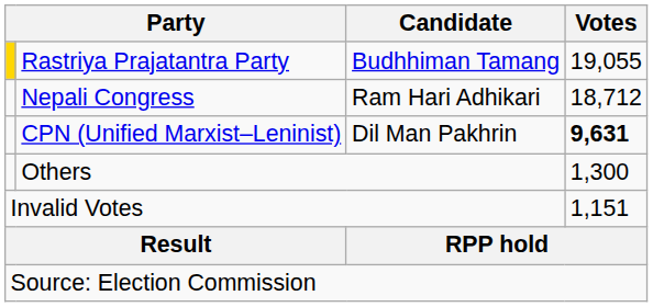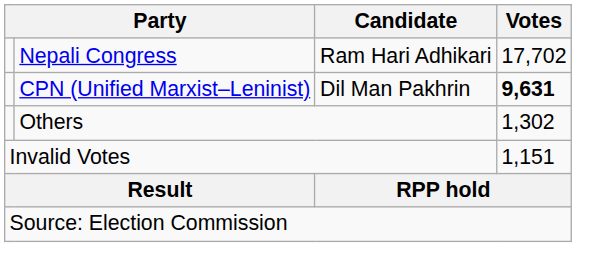 <table class="wikitable">
 <tr>
 <th colspan="2">Party</th>
 <th>Candidate</th>
 <th>Votes</th>
 </tr>
 <tr>
-<td style="background-color:gold"></td>
-<td><a href='#'>Rastriya Prajatantra Party</a></td>
-<td><a href='#'>Budhhiman Tamang</a></td>
-<td>19,055</td>
-</tr>
-<tr>
 <td style="background-color:"></td>
 <td><a href='#'>Nepali Congress</a></td>
 <td>Ram Hari Adhikari</td>
-<td>18,712</td>
+<td>17,702</td>
 </tr>
 <tr>
 <td style="background-color:"></td>
 <td><a href='#'>CPN (Unified Marxist–Leninist)</a></td>
 <td>Dil Man Pakhrin</td>
 <td><strong>9,631</strong></td>
 </tr>
 <tr>
 <td></td>
 <td colspan="2">Others</td>
-<td>1,300</td>
+<td>1,302</td>
 </tr>
 <tr>
 <td colspan="3">Invalid Votes</td>
 <td>1,151</td>
 </tr>
 <tr>
 <th colspan="2">Result</th>
 <th colspan="2">RPP hold</th>
 </tr>
 <tr>
 <td colspan="4">Source: Election Commission</td>
 </tr>
 </table>
